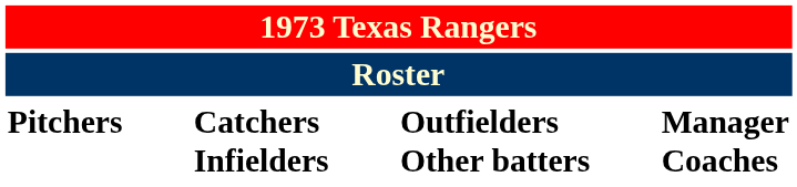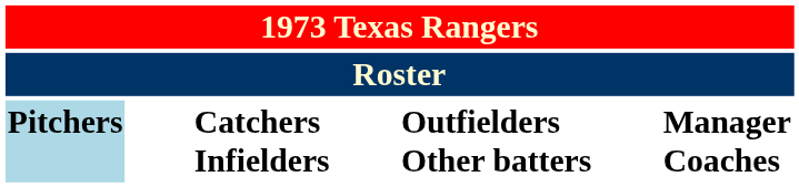 <table class="toccolours" style="font-size: 95%;">
 <tr>
 <th colspan="10" style="background-color: red; color: #FFFDD0; text-align: center;">1973 Texas Rangers</th>
 </tr>
 <tr>
 <td colspan="10" style="background-color: #003366; color: #FFFDD0; text-align: center;"><strong>Roster</strong></td>
 </tr>
 <tr>
-<td valign="top"><strong>Pitchers</strong><br>                   </td>
+<td valign="top" style="background: lightblue;"><strong>Pitchers</strong><br>                   </td>
 <td width="25px"></td>
 <td valign="top"><strong>Catchers</strong><br>   <strong>Infielders</strong>           </td>
 <td width="25px"></td>
 <td valign="top"><strong>Outfielders</strong><br>       <strong>Other batters</strong> </td>
 <td width="25px"></td>
 <td valign="top"><strong>Manager</strong><br>   <strong>Coaches</strong>   </td>
 </tr>
 <tr>
 </tr>
 </table>
